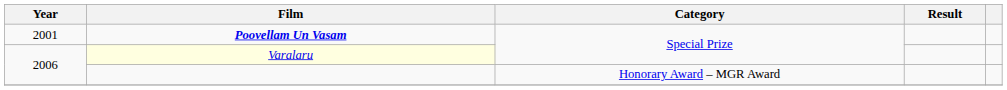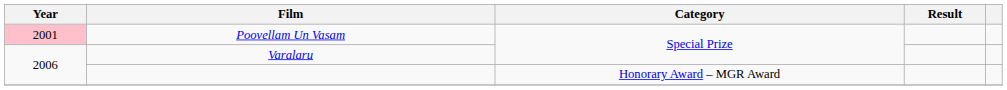 <table class="wikitable sortable" style="width:100%;">
 <tr>
 <th style="width:5%;">Year</th>
 <th style="width:25%;">Film</th>
 <th style="width:25%;">Category</th>
 <th style="width:5%;">Result</th>
 <th style="width:1%;" class="unsortable"></th>
 </tr>
 <tr>
-<td style="text-align:center;">2001</td>
-<td style="text-align:center;"><strong><em><a href='#'>Poovellam Un Vasam</a></em></strong></td>
+<td style="background: pink; text-align:center;">2001</td>
+<td style="text-align:center;"><em><a href='#'>Poovellam Un Vasam</a></em></td>
 <td style="text-align:center;" rowspan="2"><a href='#'>Special Prize</a></td>
 <td></td>
 <td></td>
 </tr>
 <tr>
 <td style="text-align:center;" rowspan="2">2006</td>
-<td style="background: lightyellow; text-align:center;"><em><a href='#'>Varalaru</a></em></td>
+<td style="text-align:center;"><em><a href='#'>Varalaru</a></em></td>
 <td></td>
 <td></td>
 </tr>
 <tr>
 <td></td>
 <td style="text-align:center;"><a href='#'>Honorary Award</a> – MGR Award</td>
 <td></td>
 <td></td>
 </tr>
 <tr>
 </tr>
 </table>
